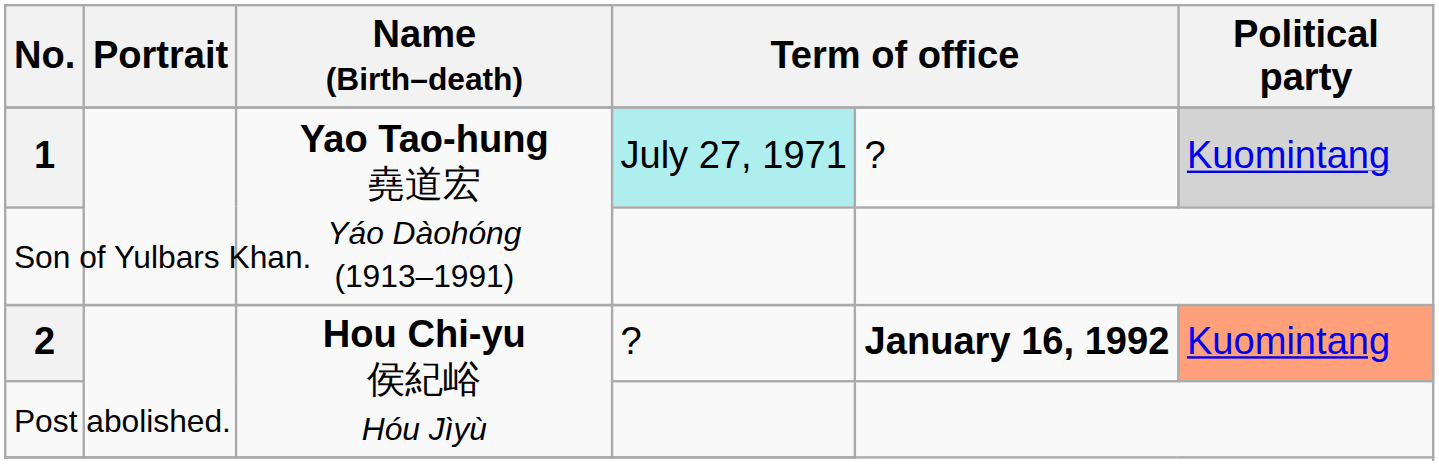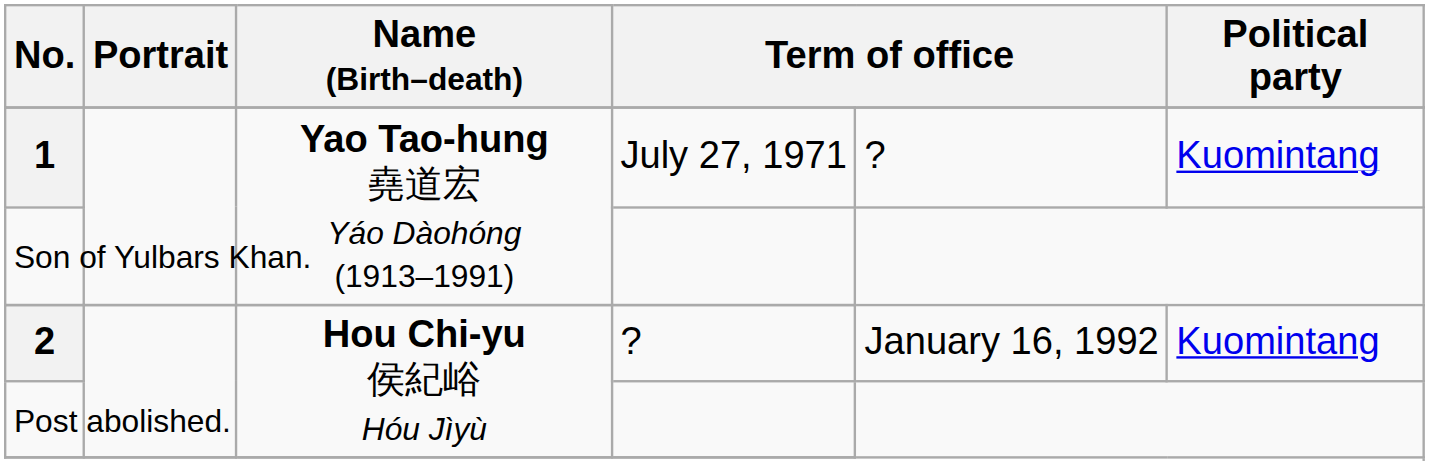 <table class="wikitable">
 <tr ->
 <th>No.</th>
 <th>Portrait</th>
 <th width=150px>Name<br><small>(Birth–death)</small></th>
 <th colspan=2 width=200px>Term of office</th>
 <th width=100px>Political party</th>
 </tr>
 <tr>
 </tr>
 <tr>
 <th style="background-color:">1</th>
 <td rowspan=2 align=center></td>
 <td rowspan=2 align=center><strong>Yao Tao-hung</strong><br><span>堯道宏</span><br><small><em>Yáo Dàohóng</em><br>(1913–1991)</small></td>
-<td style="background: paleturquoise;">July 27, 1971</td>
+<td>July 27, 1971</td>
 <td>?</td>
-<td style="background: lightgrey;"><a href='#'>Kuomintang</a></td>
+<td><a href='#'>Kuomintang</a></td>
 </tr>
 <tr>
 <td colspan=4><small>Son of Yulbars Khan.</small></td>
 </tr>
 <tr>
 </tr>
 <tr>
 <th style="background-color:">2</th>
 <td rowspan=2 align=center></td>
 <td rowspan=2 align=center><strong>Hou Chi-yu</strong><br><span>侯紀峪</span><br><small><em>Hóu Jìyù</em><br></small></td>
 <td>?</td>
-<td><strong>January 16, 1992</strong></td>
-<td style="background: lightsalmon;"><a href='#'>Kuomintang</a></td>
+<td>January 16, 1992</td>
+<td><a href='#'>Kuomintang</a></td>
 </tr>
 <tr>
 <td colspan=4><small>Post abolished.</small></td>
 </tr>
 <tr>
 </tr>
 </table>
